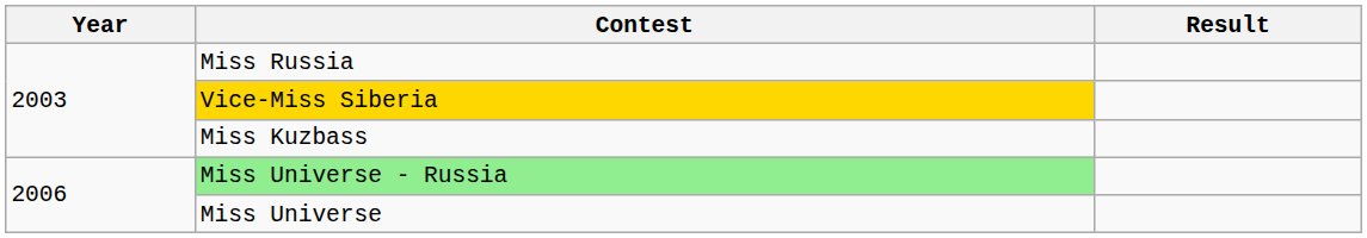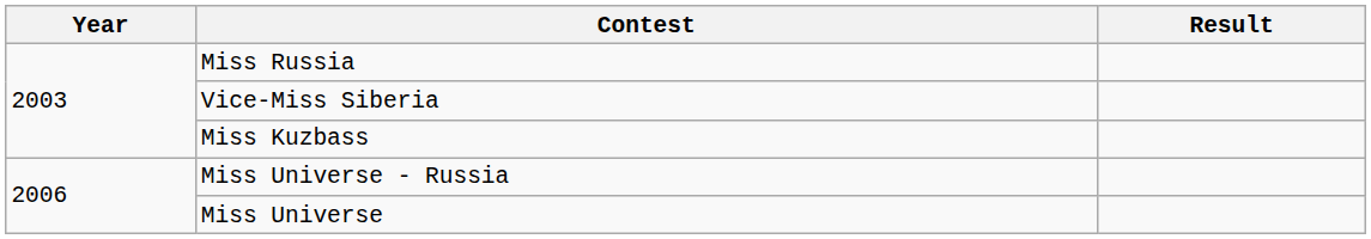 <table class="wikitable sortable" style="width: 60%;">
 <tr>
 <th>Year</th>
 <th>Contest</th>
 <th>Result</th>
 </tr>
 <tr>
 <td rowspan="3">2003</td>
 <td>Miss Russia</td>
 <td></td>
 </tr>
 <tr>
-<td style="background: gold;">Vice-Miss Siberia</td>
+<td>Vice-Miss Siberia</td>
 <td></td>
 </tr>
 <tr>
 <td>Miss Kuzbass</td>
 <td></td>
 </tr>
 <tr>
 <td rowspan="2">2006</td>
-<td style="background: lightgreen;">Miss Universe - Russia</td>
+<td>Miss Universe - Russia</td>
 <td></td>
 </tr>
 <tr>
 <td>Miss Universe</td>
 <td></td>
 </tr>
 </table>
